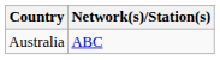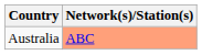 <table class="sortable wikitable">
 <tr>
 <th>Country</th>
 <th>Network(s)/Station(s)</th>
 </tr>
 <tr>
 <td>Australia</td>
-<td><a href='#'>ABC</a></td>
+<td style="background: lightsalmon;"><a href='#'>ABC</a></td>
 </tr>
 </table>
